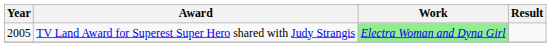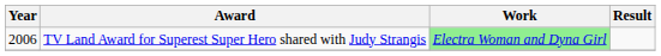 <table class="wikitable sortable">
 <tr>
 <th scope="col">Year</th>
 <th scope="col">Award</th>
 <th scope="col">Work</th>
 <th scope="col">Result</th>
 </tr>
 <tr>
-<td>2005</td>
+<td>2006</td>
 <td><a href='#'>TV Land Award for Superest Super Hero</a> shared with <a href='#'>Judy Strangis</a></td>
 <td style="background: lightgreen;"><em><a href='#'>Electra Woman and Dyna Girl</a></em></td>
 <td></td>
 </tr>
 <tr>
 </tr>
 </table>
